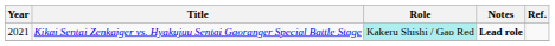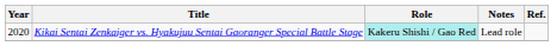 <table class="wikitable" style="font-size: 90%;">
 <tr>
 <th>Year</th>
 <th>Title</th>
 <th>Role</th>
 <th>Notes</th>
 <th>Ref.</th>
 </tr>
 <tr>
-<td>2021</td>
+<td>2020</td>
 <td><em><a href='#'>Kikai Sentai Zenkaiger vs. Hyakujuu Sentai Gaoranger Special Battle Stage</a></em></td>
 <td style="background: paleturquoise;">Kakeru Shishi / Gao Red</td>
-<td><strong>Lead role</strong></td>
+<td>Lead role</td>
 <td></td>
 </tr>
 <tr>
 </tr>
 </table>
